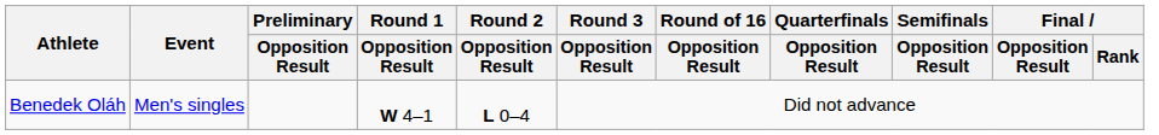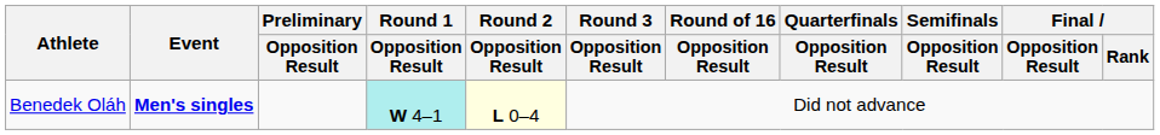 <table class="wikitable" style="font-size:90%;">
 <tr>
 <th rowspan=2>Athlete</th>
 <th rowspan=2>Event</th>
 <th>Preliminary</th>
 <th>Round 1</th>
 <th>Round 2</th>
 <th>Round 3</th>
 <th>Round of 16</th>
 <th>Quarterfinals</th>
 <th>Semifinals</th>
 <th colspan=2>Final / </th>
 </tr>
 <tr style="font-size:95%">
 <th>Opposition<br>Result</th>
 <th>Opposition<br>Result</th>
 <th>Opposition<br>Result</th>
 <th>Opposition<br>Result</th>
 <th>Opposition<br>Result</th>
 <th>Opposition<br>Result</th>
 <th>Opposition<br>Result</th>
 <th>Opposition<br>Result</th>
 <th>Rank</th>
 </tr>
 <tr align=center>
 <td align=left><a href='#'>Benedek Oláh</a></td>
-<td align=left><a href='#'>Men's singles</a></td>
+<td align=left><strong><a href='#'>Men's singles</a></strong></td>
 <td></td>
-<td><br><strong>W</strong> 4–1</td>
-<td><br><strong>L</strong> 0–4</td>
+<td style="background: paleturquoise;"><br><strong>W</strong> 4–1</td>
+<td style="background: lightyellow;"><br><strong>L</strong> 0–4</td>
 <td colspan=6>Did not advance</td>
 </tr>
 </table>
